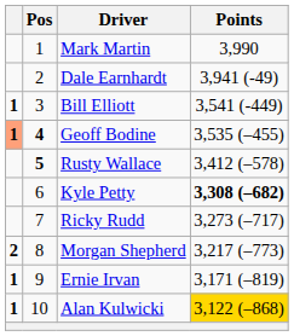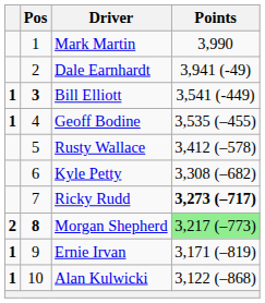 <table class="wikitable" style="font-size: 95%;">
 <tr>
 <th></th>
 <th>Pos</th>
 <th>Driver</th>
 <th>Points</th>
 </tr>
 <tr>
 <td align="left"></td>
 <td style="text-align:center;">1</td>
 <td><a href='#'>Mark Martin</a></td>
 <td style="text-align:center;">3,990</td>
 </tr>
 <tr>
 <td align="left"></td>
 <td style="text-align:center;">2</td>
 <td><a href='#'>Dale Earnhardt</a></td>
 <td style="text-align:center;">3,941 (-49)</td>
 </tr>
 <tr>
 <td align="left">  <strong>1</strong></td>
-<td style="text-align:center;">3</td>
+<td style="text-align:center;"><strong>3</strong></td>
 <td><a href='#'>Bill Elliott</a></td>
 <td style="text-align:center;">3,541 (-449)</td>
 </tr>
 <tr>
-<td align="left" style="background: lightsalmon;">  <strong>1</strong></td>
-<td style="text-align:center;"><strong>4</strong></td>
+<td align="left">  <strong>1</strong></td>
+<td style="text-align:center;">4</td>
 <td><a href='#'>Geoff Bodine</a></td>
 <td style="text-align:center;">3,535 (–455)</td>
 </tr>
 <tr>
 <td align="left"></td>
-<td style="text-align:center;"><strong>5</strong></td>
+<td style="text-align:center;">5</td>
 <td><a href='#'>Rusty Wallace</a></td>
 <td style="text-align:center;">3,412 (–578)</td>
 </tr>
 <tr>
 <td align="left"></td>
 <td style="text-align:center;">6</td>
 <td><a href='#'>Kyle Petty</a></td>
-<td style="text-align:center;"><strong>3,308 (–682)</strong></td>
+<td style="text-align:center;">3,308 (–682)</td>
 </tr>
 <tr>
 <td align="left"></td>
 <td style="text-align:center;">7</td>
 <td><a href='#'>Ricky Rudd</a></td>
-<td style="text-align:center;">3,273 (–717)</td>
+<td style="text-align:center;"><strong>3,273 (–717)</strong></td>
 </tr>
 <tr>
 <td align="left">  <strong>2</strong></td>
-<td style="text-align:center;">8</td>
+<td style="text-align:center;"><strong>8</strong></td>
 <td><a href='#'>Morgan Shepherd</a></td>
-<td style="text-align:center;">3,217 (–773)</td>
+<td style="background: lightgreen; text-align:center;">3,217 (–773)</td>
 </tr>
 <tr>
 <td align="left">  <strong>1</strong></td>
 <td style="text-align:center;">9</td>
 <td><a href='#'>Ernie Irvan</a></td>
 <td style="text-align:center;">3,171 (–819)</td>
 </tr>
 <tr>
 <td align="left">  <strong>1</strong></td>
 <td style="text-align:center;">10</td>
 <td><a href='#'>Alan Kulwicki</a></td>
-<td style="background: gold; text-align:center;">3,122 (–868)</td>
+<td style="text-align:center;">3,122 (–868)</td>
 </tr>
 <tr class="sortbottom">
 <th colspan="9"></th>
 </tr>
 </table>
